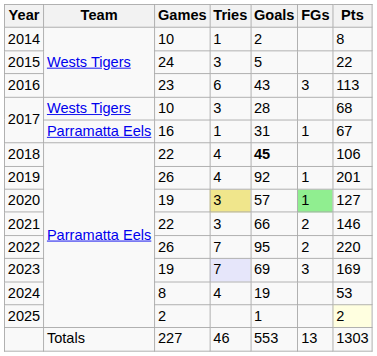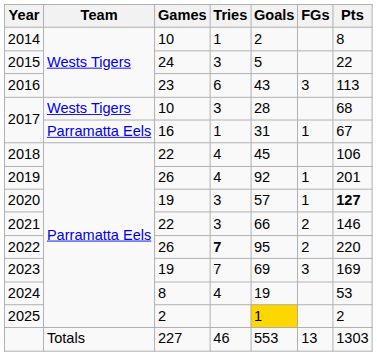 <table class="wikitable">
 <tr>
 <th>Year</th>
 <th>Team</th>
 <th>Games</th>
 <th>Tries</th>
 <th>Goals</th>
 <th>FGs</th>
 <th>Pts</th>
 </tr>
 <tr>
 <td>2014</td>
 <td rowspan="3"> <a href='#'>Wests Tigers</a></td>
 <td>10</td>
 <td>1</td>
 <td>2</td>
 <td></td>
 <td>8</td>
 </tr>
 <tr>
 <td>2015</td>
 <td>24</td>
 <td>3</td>
 <td>5</td>
 <td></td>
 <td>22</td>
 </tr>
 <tr>
 <td>2016</td>
 <td>23</td>
 <td>6</td>
 <td>43</td>
 <td>3</td>
 <td>113</td>
 </tr>
 <tr>
 <td rowspan="2">2017</td>
 <td> <a href='#'>Wests Tigers</a></td>
 <td>10</td>
 <td>3</td>
 <td>28</td>
 <td></td>
 <td>68</td>
 </tr>
 <tr>
 <td> <a href='#'>Parramatta Eels</a></td>
 <td>16</td>
 <td>1</td>
 <td>31</td>
 <td>1</td>
 <td>67</td>
 </tr>
 <tr>
 <td>2018</td>
 <td rowspan="8"> <a href='#'>Parramatta Eels</a></td>
 <td>22</td>
 <td>4</td>
-<td><strong>45</strong></td>
+<td>45</td>
 <td></td>
 <td>106</td>
 </tr>
 <tr>
 <td>2019</td>
 <td>26</td>
 <td>4</td>
 <td>92</td>
 <td>1</td>
 <td>201</td>
 </tr>
 <tr>
 <td>2020</td>
 <td>19</td>
-<td style="background: khaki;">3</td>
+<td>3</td>
 <td>57</td>
-<td style="background: lightgreen;">1</td>
-<td>127</td>
+<td>1</td>
+<td><strong>127</strong></td>
 </tr>
 <tr>
 <td>2021</td>
 <td>22</td>
 <td>3</td>
 <td>66</td>
 <td>2</td>
 <td>146</td>
 </tr>
 <tr>
 <td>2022</td>
 <td>26</td>
-<td>7</td>
+<td><strong>7</strong></td>
 <td>95</td>
 <td>2</td>
 <td>220</td>
 </tr>
 <tr>
 <td>2023</td>
 <td>19</td>
-<td style="background: lavender;">7</td>
+<td>7</td>
 <td>69</td>
 <td>3</td>
 <td>169</td>
 </tr>
 <tr>
 <td>2024</td>
 <td>8</td>
 <td>4</td>
 <td>19</td>
 <td></td>
 <td>53</td>
 </tr>
 <tr>
 <td>2025</td>
 <td>2</td>
 <td></td>
-<td>1</td>
+<td style="background: gold;">1</td>
 <td></td>
-<td style="background: lightyellow;">2</td>
+<td>2</td>
 </tr>
 <tr>
 <td></td>
 <td>Totals</td>
 <td>227</td>
 <td>46</td>
 <td>553</td>
 <td>13</td>
 <td>1303</td>
 </tr>
 </table>
